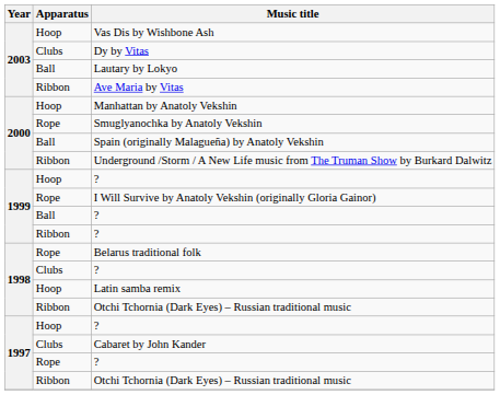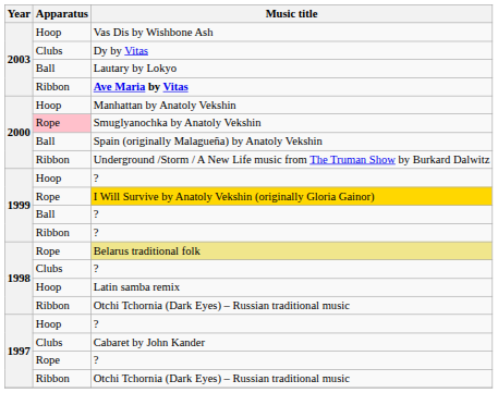 <table class="wikitable plainrowheaders">
 <tr>
 <th scope=col>Year</th>
 <th scope=col>Apparatus</th>
 <th scope=col>Music title </th>
 </tr>
 <tr>
 <th scope=row rowspan=4>2003</th>
 <td>Hoop</td>
 <td>Vas Dis by Wishbone Ash</td>
 </tr>
 <tr>
 <td>Clubs</td>
 <td>Dy by <a href='#'>Vitas</a></td>
 </tr>
 <tr>
 <td>Ball</td>
 <td>Lautary by Lokyo</td>
 </tr>
 <tr>
 <td>Ribbon</td>
-<td><a href='#'>Ave Maria</a> by <a href='#'>Vitas</a></td>
+<td><strong><a href='#'>Ave Maria</a> by <a href='#'>Vitas</a></strong></td>
 </tr>
 <tr>
 <th scope=row rowspan=4>2000</th>
 <td>Hoop</td>
 <td>Manhattan by Anatoly Vekshin</td>
 </tr>
 <tr>
-<td>Rope</td>
+<td style="background: pink;">Rope</td>
 <td>Smuglyanochka 	by Anatoly Vekshin</td>
 </tr>
 <tr>
 <td>Ball</td>
 <td>Spain (originally Malagueña) by Anatoly Vekshin</td>
 </tr>
 <tr>
 <td>Ribbon</td>
 <td>Underground /Storm / A New Life music from <a href='#'>The Truman Show</a> by Burkard Dalwitz</td>
 </tr>
 <tr>
 <th scope=row rowspan=4>1999</th>
 <td>Hoop</td>
 <td>?</td>
 </tr>
 <tr>
 <td>Rope</td>
-<td>I Will Survive by Anatoly Vekshin (originally Gloria Gainor)</td>
+<td style="background: gold;">I Will Survive by Anatoly Vekshin (originally Gloria Gainor)</td>
 </tr>
 <tr>
 <td>Ball</td>
 <td>?</td>
 </tr>
 <tr>
 <td>Ribbon</td>
 <td>?</td>
 </tr>
 <tr>
 <th scope=row rowspan=4>1998</th>
 <td>Rope</td>
-<td>Belarus traditional folk</td>
+<td style="background: khaki;">Belarus traditional folk</td>
 </tr>
 <tr>
 <td>Clubs</td>
 <td>?</td>
 </tr>
 <tr>
 <td>Hoop</td>
 <td>Latin samba remix</td>
 </tr>
 <tr>
 <td>Ribbon</td>
 <td>Otchi Tchornia (Dark Eyes) – Russian traditional music</td>
 </tr>
 <tr>
 <th scope=row rowspan=4>1997</th>
 <td>Hoop</td>
 <td>?</td>
 </tr>
 <tr>
 <td>Clubs</td>
 <td>Cabaret by John Kander</td>
 </tr>
 <tr>
 <td>Rope</td>
 <td>?</td>
 </tr>
 <tr>
 <td>Ribbon</td>
 <td>Otchi Tchornia (Dark Eyes) – Russian traditional music</td>
 </tr>
 <tr>
 </tr>
 </table>
